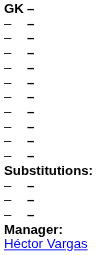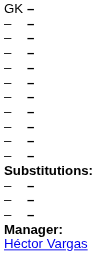 <table style = "font-size: 90%" cellspacing = "0" cellpadding = "0">
 <tr>
 <td colspan = 4></td>
 </tr>
 <tr>
 <th style="width:25px;"></th>
 <th style="width:25px;"></th>
 </tr>
 <tr>
-<td><strong>GK</strong></td>
+<td>GK</td>
 <td><strong>–</strong></td>
 <td></td>
 </tr>
 <tr>
 <td>–</td>
 <td><strong>–</strong></td>
 <td></td>
 </tr>
 <tr>
 <td>–</td>
 <td><strong>–</strong></td>
 <td></td>
 </tr>
 <tr>
 <td>–</td>
 <td><strong>–</strong></td>
 <td></td>
 </tr>
 <tr>
 <td>–</td>
 <td><strong>–</strong></td>
 <td></td>
 </tr>
 <tr>
 <td>–</td>
 <td><strong>–</strong></td>
 <td></td>
 </tr>
 <tr>
 <td>–</td>
 <td><strong>–</strong></td>
 <td></td>
 </tr>
 <tr>
 <td>–</td>
 <td><strong>–</strong></td>
 <td></td>
 </tr>
 <tr>
 <td>–</td>
 <td><strong>–</strong></td>
 <td></td>
 </tr>
 <tr>
 <td>–</td>
 <td><strong>–</strong></td>
 <td></td>
 </tr>
 <tr>
 <td>–</td>
 <td><strong>–</strong></td>
 <td></td>
 </tr>
 <tr>
 <td colspan = 3><strong>Substitutions:</strong></td>
 </tr>
 <tr>
 <td>–</td>
 <td><strong>–</strong></td>
 <td></td>
 </tr>
 <tr>
 <td>–</td>
 <td><strong>–</strong></td>
 <td></td>
 </tr>
 <tr>
 <td>–</td>
 <td><strong>–</strong></td>
 <td></td>
 </tr>
 <tr>
 <td colspan = 3><strong>Manager:</strong></td>
 </tr>
 <tr>
 <td colspan = 3> <a href='#'>Héctor Vargas</a></td>
 </tr>
 </table>
